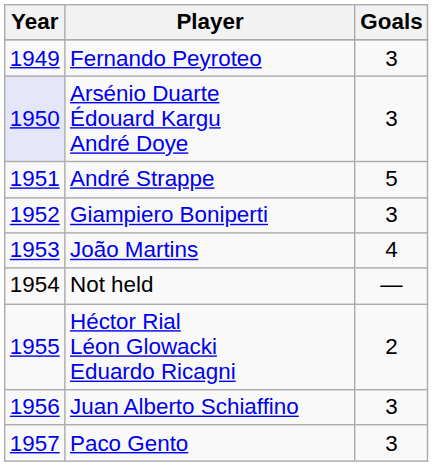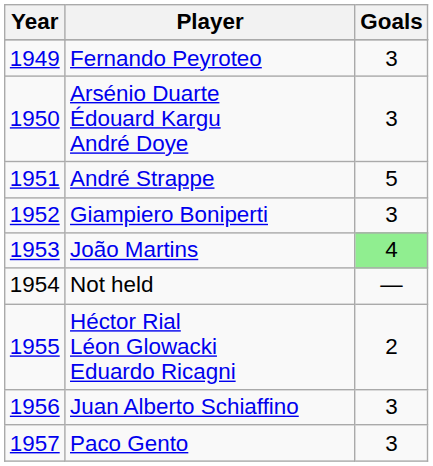 <table class="wikitable sortable">
 <tr>
 <th width=20px>Year</th>
 <th width=200px>Player</th>
 <th width=20px>Goals</th>
 </tr>
 <tr>
 </tr>
 <tr>
 <td align=center><a href='#'>1949</a></td>
 <td> <a href='#'>Fernando Peyroteo</a></td>
 <td align=center>3</td>
 </tr>
 <tr>
-<td align=center style="background: lavender;"><a href='#'>1950</a></td>
+<td align=center><a href='#'>1950</a></td>
 <td> <a href='#'>Arsénio Duarte</a><br> <a href='#'>Édouard Kargu</a><br> <a href='#'>André Doye</a></td>
 <td align=center>3</td>
 </tr>
 <tr>
 <td align=center><a href='#'>1951</a></td>
 <td> <a href='#'>André Strappe</a></td>
 <td align=center>5</td>
 </tr>
 <tr>
 <td align=center><a href='#'>1952</a></td>
 <td> <a href='#'>Giampiero Boniperti</a></td>
 <td align=center>3</td>
 </tr>
 <tr>
 <td align=center><a href='#'>1953</a></td>
 <td> <a href='#'>João Martins</a></td>
-<td align=center>4</td>
+<td align=center style="background: lightgreen;">4</td>
 </tr>
 <tr>
 <td align=center>1954</td>
 <td>Not held</td>
 <td align=center>—</td>
 </tr>
 <tr>
 <td align=center><a href='#'>1955</a></td>
 <td> <a href='#'>Héctor Rial</a><br> <a href='#'>Léon Glowacki</a><br> <a href='#'>Eduardo Ricagni</a></td>
 <td align=center>2</td>
 </tr>
 <tr>
 <td align=center><a href='#'>1956</a></td>
 <td> <a href='#'>Juan Alberto Schiaffino</a></td>
 <td align=center>3</td>
 </tr>
 <tr>
 <td align=center><a href='#'>1957</a></td>
 <td> <a href='#'>Paco Gento</a></td>
 <td align=center>3</td>
 </tr>
 </table>
